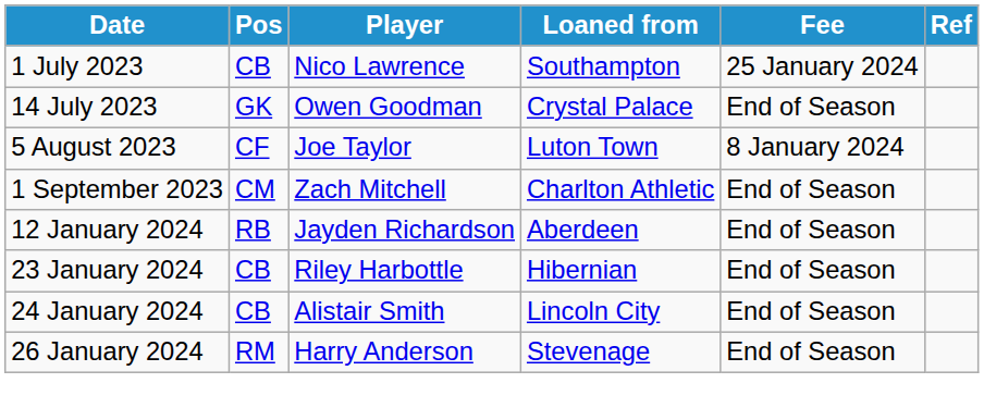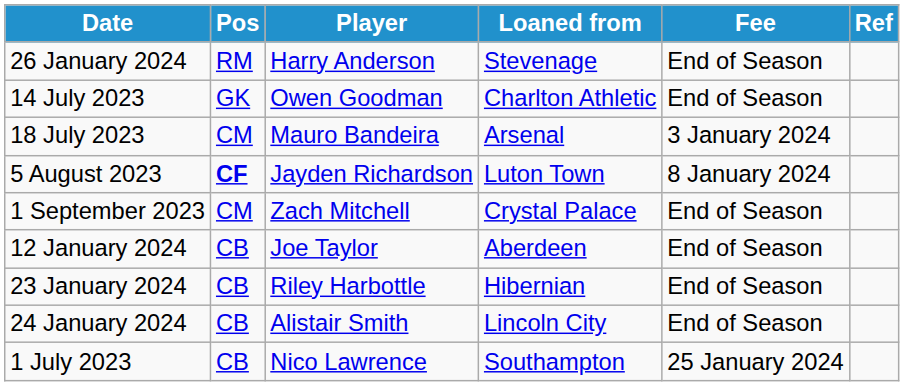 <table class="wikitable plainrowheaders sortable">
 <tr>
 <th style="background:#2191CC; color:#FFFFFF; ">Date</th>
 <th style="background:#2191CC; color:#FFFFFF; ">Pos</th>
 <th style="background:#2191CC; color:#FFFFFF; ">Player</th>
 <th style="background:#2191CC; color:#FFFFFF; ">Loaned from</th>
 <th style="background:#2191CC; color:#FFFFFF; ">Fee</th>
 <th style="background:#2191CC; color:#FFFFFF; ">Ref</th>
 </tr>
 <tr>
-<td>1 July 2023</td>
-<td><a href='#'>CB</a></td>
-<td> <a href='#'>Nico Lawrence</a></td>
-<td> <a href='#'>Southampton</a></td>
-<td>25 January 2024</td>
+<td>26 January 2024</td>
+<td><a href='#'>RM</a></td>
+<td> <a href='#'>Harry Anderson</a></td>
+<td> <a href='#'>Stevenage</a></td>
+<td>End of Season</td>
 <td></td>
 </tr>
 <tr>
 <td>14 July 2023</td>
 <td><a href='#'>GK</a></td>
 <td> <a href='#'>Owen Goodman</a></td>
-<td> <a href='#'>Crystal Palace</a></td>
+<td> <a href='#'>Charlton Athletic</a></td>
 <td>End of Season</td>
 <td></td>
 </tr>
 <tr>
+<td>18 July 2023</td>
+<td><a href='#'>CM</a></td>
+<td> <a href='#'>Mauro Bandeira</a></td>
+<td> <a href='#'>Arsenal</a></td>
+<td>3 January 2024</td>
+<td></td>
+</tr>
+<tr>
 <td>5 August 2023</td>
-<td><a href='#'>CF</a></td>
-<td> <a href='#'>Joe Taylor</a></td>
+<td><strong><a href='#'>CF</a></strong></td>
+<td> <a href='#'>Jayden Richardson</a></td>
 <td> <a href='#'>Luton Town</a></td>
 <td>8 January 2024</td>
 <td></td>
 </tr>
 <tr>
 <td>1 September 2023</td>
 <td><a href='#'>CM</a></td>
 <td> <a href='#'>Zach Mitchell</a></td>
-<td> <a href='#'>Charlton Athletic</a></td>
+<td> <a href='#'>Crystal Palace</a></td>
 <td>End of Season</td>
 <td></td>
 </tr>
 <tr>
 <td>12 January 2024</td>
-<td><a href='#'>RB</a></td>
-<td> <a href='#'>Jayden Richardson</a></td>
+<td><a href='#'>CB</a></td>
+<td> <a href='#'>Joe Taylor</a></td>
 <td> <a href='#'>Aberdeen</a></td>
 <td>End of Season</td>
 <td></td>
 </tr>
 <tr>
 <td>23 January 2024</td>
 <td><a href='#'>CB</a></td>
 <td> <a href='#'>Riley Harbottle</a></td>
 <td> <a href='#'>Hibernian</a></td>
 <td>End of Season</td>
 <td></td>
 </tr>
 <tr>
 <td>24 January 2024</td>
 <td><a href='#'>CB</a></td>
 <td> <a href='#'>Alistair Smith</a></td>
 <td> <a href='#'>Lincoln City</a></td>
 <td>End of Season</td>
 <td></td>
 </tr>
 <tr>
-<td>26 January 2024</td>
-<td><a href='#'>RM</a></td>
-<td> <a href='#'>Harry Anderson</a></td>
-<td> <a href='#'>Stevenage</a></td>
-<td>End of Season</td>
+<td>1 July 2023</td>
+<td><a href='#'>CB</a></td>
+<td> <a href='#'>Nico Lawrence</a></td>
+<td> <a href='#'>Southampton</a></td>
+<td>25 January 2024</td>
 <td></td>
 </tr>
 </table>
